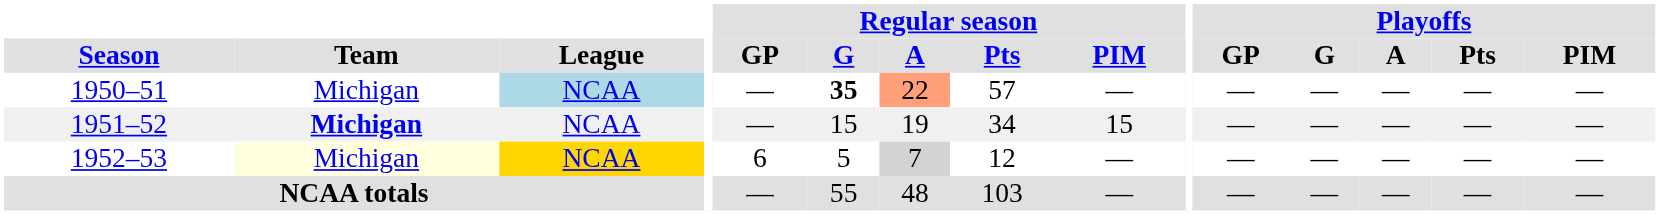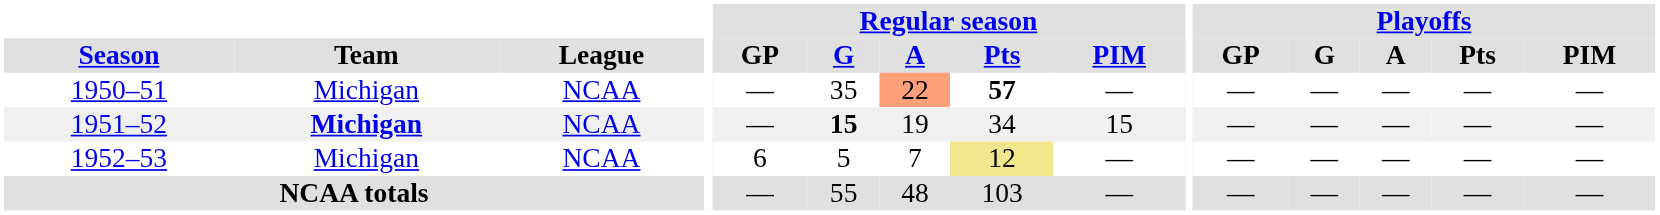 <table border="0" cellpadding="1" cellspacing="0" style="text-align:center; width:60em">
 <tr bgcolor="#e0e0e0">
 <th colspan="3" bgcolor="#ffffff"></th>
 <th rowspan="99" bgcolor="#ffffff"></th>
 <th colspan="5"><a href='#'>Regular season</a></th>
 <th rowspan="99" bgcolor="#ffffff"></th>
 <th colspan="5"><a href='#'>Playoffs</a></th>
 </tr>
 <tr bgcolor="#e0e0e0">
 <th><a href='#'>Season</a></th>
 <th>Team</th>
 <th>League</th>
 <th>GP</th>
 <th><a href='#'>G</a></th>
 <th><a href='#'>A</a></th>
 <th><a href='#'>Pts</a></th>
 <th><a href='#'>PIM</a></th>
 <th>GP</th>
 <th>G</th>
 <th>A</th>
 <th>Pts</th>
 <th>PIM</th>
 </tr>
 <tr>
 </tr>
 <tr>
 <td><a href='#'>1950–51</a></td>
 <td><a href='#'>Michigan</a></td>
-<td style="background: lightblue;"><a href='#'>NCAA</a></td>
+<td><a href='#'>NCAA</a></td>
 <td>—</td>
-<td><strong>35</strong></td>
+<td>35</td>
 <td style="background: lightsalmon;">22</td>
-<td>57</td>
+<td><strong>57</strong></td>
 <td>—</td>
 <td>—</td>
 <td>—</td>
 <td>—</td>
 <td>—</td>
 <td>—</td>
 </tr>
 <tr bgcolor="#f0f0f0">
 <td><a href='#'>1951–52</a></td>
 <td><strong><a href='#'>Michigan</a></strong></td>
 <td><a href='#'>NCAA</a></td>
 <td>—</td>
-<td>15</td>
+<td><strong>15</strong></td>
 <td>19</td>
 <td>34</td>
 <td>15</td>
 <td>—</td>
 <td>—</td>
 <td>—</td>
 <td>—</td>
 <td>—</td>
 </tr>
 <tr>
 <td><a href='#'>1952–53</a></td>
-<td style="background: lightyellow;"><a href='#'>Michigan</a></td>
-<td style="background: gold;"><a href='#'>NCAA</a></td>
+<td><a href='#'>Michigan</a></td>
+<td><a href='#'>NCAA</a></td>
 <td>6</td>
 <td>5</td>
-<td style="background: lightgrey;">7</td>
-<td>12</td>
+<td>7</td>
+<td style="background: khaki;">12</td>
 <td>—</td>
 <td>—</td>
 <td>—</td>
 <td>—</td>
 <td>—</td>
 <td>—</td>
 </tr>
 <tr bgcolor="#e0e0e0">
 <th colspan="3">NCAA totals</th>
 <td>—</td>
 <td>55</td>
 <td>48</td>
 <td>103</td>
 <td>—</td>
 <td>—</td>
 <td>—</td>
 <td>—</td>
 <td>—</td>
 <td>—</td>
 </tr>
 </table>
